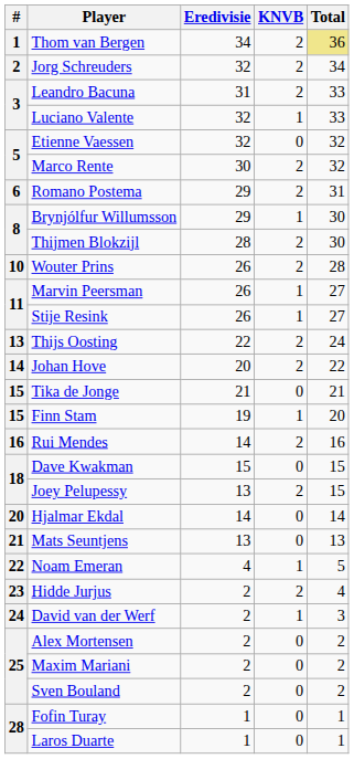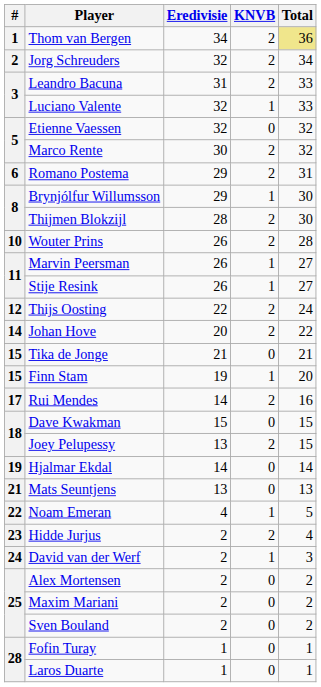 <table class="wikitable" style="text-align:right;">
 <tr>
 <th>#</th>
 <th>Player</th>
 <th><a href='#'>Eredivisie</a></th>
 <th><a href='#'>KNVB</a></th>
 <th>Total</th>
 </tr>
 <tr>
 <th align=center>1</th>
 <td align=left> <a href='#'>Thom van Bergen</a></td>
 <td>34</td>
 <td>2</td>
 <td style="background: khaki;">36</td>
 </tr>
 <tr>
 <th align=center>2</th>
 <td align=left> <a href='#'>Jorg Schreuders</a></td>
 <td>32</td>
 <td>2</td>
 <td>34</td>
 </tr>
 <tr>
 <th rowspan=2 align=center>3</th>
 <td align=left> <a href='#'>Leandro Bacuna</a></td>
 <td>31</td>
 <td>2</td>
 <td>33</td>
 </tr>
 <tr>
 <td align=left> <a href='#'>Luciano Valente</a></td>
 <td>32</td>
 <td>1</td>
 <td>33</td>
 </tr>
 <tr>
 <th rowspan=2 align=center>5</th>
 <td align=left> <a href='#'>Etienne Vaessen</a></td>
 <td>32</td>
 <td>0</td>
 <td>32</td>
 </tr>
 <tr>
 <td align=left> <a href='#'>Marco Rente</a></td>
 <td>30</td>
 <td>2</td>
 <td>32</td>
 </tr>
 <tr>
 <th align=center>6</th>
 <td align=left> <a href='#'>Romano Postema</a></td>
 <td>29</td>
 <td>2</td>
 <td>31</td>
 </tr>
 <tr>
 <th rowspan=2 align=center>8</th>
 <td align=left> <a href='#'>Brynjólfur Willumsson</a></td>
 <td>29</td>
 <td>1</td>
 <td>30</td>
 </tr>
 <tr>
 <td align=left> <a href='#'>Thijmen Blokzijl</a></td>
 <td>28</td>
 <td>2</td>
 <td>30</td>
 </tr>
 <tr>
 <th align=center>10</th>
 <td align=left> <a href='#'>Wouter Prins</a></td>
 <td>26</td>
 <td>2</td>
 <td>28</td>
 </tr>
 <tr>
 <th rowspan=2 align=center>11</th>
 <td align=left> <a href='#'>Marvin Peersman</a></td>
 <td>26</td>
 <td>1</td>
 <td>27</td>
 </tr>
 <tr>
 <td align=left> <a href='#'>Stije Resink</a></td>
 <td>26</td>
 <td>1</td>
 <td>27</td>
 </tr>
 <tr>
-<th align=center>13</th>
+<th align=center>12</th>
 <td align=left> <a href='#'>Thijs Oosting</a></td>
 <td>22</td>
 <td>2</td>
 <td>24</td>
 </tr>
 <tr>
 <th align=center>14</th>
 <td align=left> <a href='#'>Johan Hove</a></td>
 <td>20</td>
 <td>2</td>
 <td>22</td>
 </tr>
 <tr>
 <th align=center>15</th>
 <td align=left> <a href='#'>Tika de Jonge</a></td>
 <td>21</td>
 <td>0</td>
 <td>21</td>
 </tr>
 <tr>
 <th align=center>15</th>
 <td align=left> <a href='#'>Finn Stam</a></td>
 <td>19</td>
 <td>1</td>
 <td>20</td>
 </tr>
 <tr>
-<th align=center>16</th>
+<th align=center>17</th>
 <td align=left> <a href='#'>Rui Mendes</a></td>
 <td>14</td>
 <td>2</td>
 <td>16</td>
 </tr>
 <tr>
 <th rowspan=2 align=center>18</th>
 <td align=left> <a href='#'>Dave Kwakman</a></td>
 <td>15</td>
 <td>0</td>
 <td>15</td>
 </tr>
 <tr>
 <td align=left> <a href='#'>Joey Pelupessy</a></td>
 <td>13</td>
 <td>2</td>
 <td>15</td>
 </tr>
 <tr>
-<th align=center>20</th>
+<th align=center>19</th>
 <td align=left> <a href='#'>Hjalmar Ekdal</a></td>
 <td>14</td>
 <td>0</td>
 <td>14</td>
 </tr>
 <tr>
 <th align=center>21</th>
 <td align=left> <a href='#'>Mats Seuntjens</a></td>
 <td>13</td>
 <td>0</td>
 <td>13</td>
 </tr>
 <tr>
 <th align=center>22</th>
 <td align=left> <a href='#'>Noam Emeran</a></td>
 <td>4</td>
 <td>1</td>
 <td>5</td>
 </tr>
 <tr>
 <th align=center>23</th>
 <td align=left> <a href='#'>Hidde Jurjus</a></td>
 <td>2</td>
 <td>2</td>
 <td>4</td>
 </tr>
 <tr>
 <th align=center>24</th>
 <td align=left> <a href='#'>David van der Werf</a></td>
 <td>2</td>
 <td>1</td>
 <td>3</td>
 </tr>
 <tr>
 <th rowspan=3 align=center>25</th>
 <td align=left> <a href='#'>Alex Mortensen</a></td>
 <td>2</td>
 <td>0</td>
 <td>2</td>
 </tr>
 <tr>
 <td align=left> <a href='#'>Maxim Mariani</a></td>
 <td>2</td>
 <td>0</td>
 <td>2</td>
 </tr>
 <tr>
 <td align=left> <a href='#'>Sven Bouland</a></td>
 <td>2</td>
 <td>0</td>
 <td>2</td>
 </tr>
 <tr>
 <th rowspan=2 align=center>28</th>
 <td align=left> <a href='#'>Fofin Turay</a></td>
 <td>1</td>
 <td>0</td>
 <td>1</td>
 </tr>
 <tr>
 <td align=left> <a href='#'>Laros Duarte</a></td>
 <td>1</td>
 <td>0</td>
 <td>1</td>
 </tr>
 </table>
